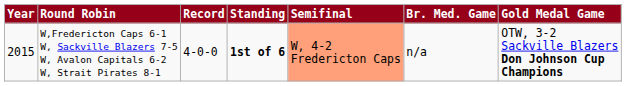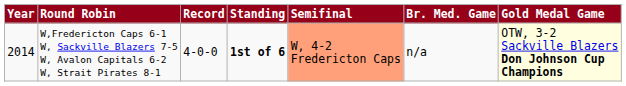 <table class="wikitable">
 <tr style="font-weight:bold; color:#FFFFFF" bgcolor="#960018" |>
 <td>Year</td>
 <td>Round Robin</td>
 <td>Record</td>
 <td>Standing</td>
 <td>Semifinal</td>
 <td>Br. Med. Game</td>
 <td>Gold Medal Game</td>
 </tr>
 <tr>
-<td>2015</td>
+<td>2014</td>
 <td><small> W,Fredericton Caps 6-1<br>W, <a href='#'>Sackville Blazers</a> 7-5<br>W, Avalon Capitals 6-2<br>W, Strait Pirates 8-1</small></td>
 <td>4-0-0</td>
 <td><strong>1st of 6</strong></td>
 <td style="background: lightsalmon;">W, 4-2<br>Fredericton Caps</td>
 <td>n/a</td>
-<td>OTW, 3-2<br><a href='#'>Sackville Blazers</a><br><strong>Don Johnson Cup<br> Champions</strong></td>
+<td style="background: lightyellow;">OTW, 3-2<br><a href='#'>Sackville Blazers</a><br><strong>Don Johnson Cup<br> Champions</strong></td>
 </tr>
 </table>
